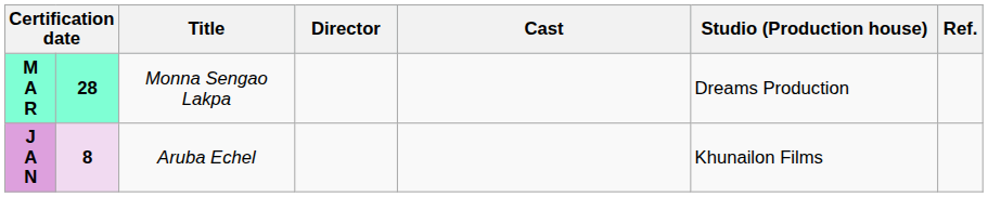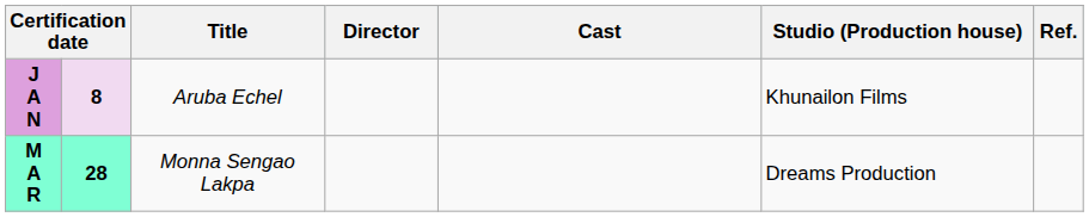 <table class="wikitable">
 <tr style="background:#b0e0e6; text-align:center;">
 <th colspan="2" style="width:6%;"><strong>Certification date</strong></th>
 <th style="width:18%;"><strong>Title</strong></th>
 <th style="width:10.5%;"><strong>Director</strong></th>
 <th style="width:30%;"><strong>Cast</strong></th>
 <th><strong>Studio (Production house)</strong></th>
 <th>Ref.</th>
+</tr>
+<tr January>
+<td rowspan="1" style="text-align:center; background:plum; textcolor:#000;"><strong>J<br>A<br>N</strong></td>
+<td rowspan="1" style="text-align:center;background:#f1daf1;"><strong>8</strong></td>
+<td style="text-align:center;"><em>Aruba Echel</em></td>
+<td></td>
+<td></td>
+<td>Khunailon Films</td>
+<td></td>
 </tr>
 <tr March>
 <td rowspan="1" style="text-align:center; background:#7FFFD4; textcolor:#000;"><strong>M<br>A<br>R</strong></td>
 <td rowspan="1" style="text-align:center;background:#7FFFD4;"><strong>28</strong></td>
 <td style="text-align:center;"><em>Monna Sengao Lakpa</em></td>
 <td></td>
 <td></td>
 <td>Dreams Production</td>
 <td></td>
 </tr>
-<tr January>
-<td rowspan="1" style="text-align:center; background:plum; textcolor:#000;"><strong>J<br>A<br>N</strong></td>
-<td rowspan="1" style="text-align:center;background:#f1daf1;"><strong>8</strong></td>
-<td style="text-align:center;"><em>Aruba Echel</em></td>
-<td></td>
-<td></td>
-<td>Khunailon Films</td>
-<td></td>
-</tr>
 </table>
